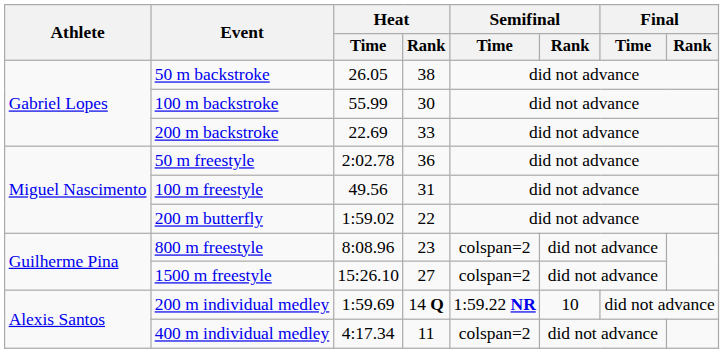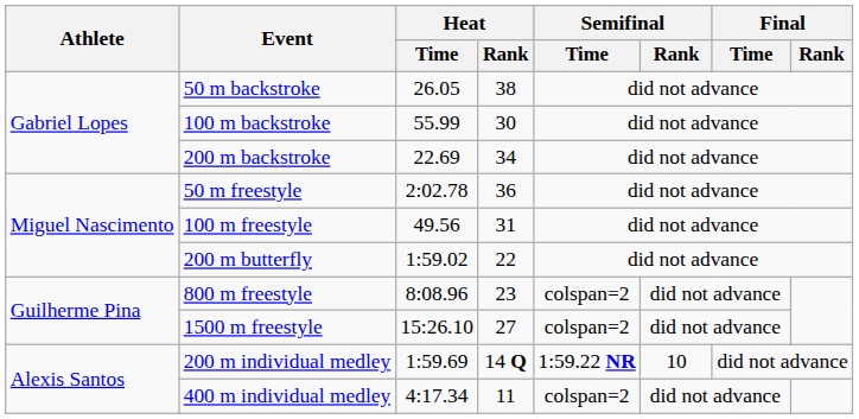 <table class=wikitable style="font-size:90%">
 <tr>
 <th rowspan="2">Athlete</th>
 <th rowspan="2">Event</th>
 <th colspan="2">Heat</th>
 <th colspan="2">Semifinal</th>
 <th colspan="2">Final</th>
 </tr>
 <tr style="font-size:95%">
 <th>Time</th>
 <th>Rank</th>
 <th>Time</th>
 <th>Rank</th>
 <th>Time</th>
 <th>Rank</th>
 </tr>
 <tr align=center>
 <td align=left rowspan=3><a href='#'>Gabriel Lopes</a></td>
 <td align=left><a href='#'>50 m backstroke</a></td>
 <td>26.05</td>
 <td>38</td>
 <td colspan=4>did not advance</td>
 </tr>
 <tr align=center>
 <td align=left><a href='#'>100 m backstroke</a></td>
 <td>55.99</td>
 <td>30</td>
 <td colspan=4>did not advance</td>
 </tr>
 <tr align=center>
 <td align=left><a href='#'>200 m backstroke</a></td>
 <td>22.69</td>
-<td>33</td>
+<td>34</td>
 <td colspan=4>did not advance</td>
 </tr>
 <tr align=center>
 <td align=left rowspan=3><a href='#'>Miguel Nascimento</a></td>
 <td align=left><a href='#'>50 m freestyle</a></td>
 <td>2:02.78</td>
 <td>36</td>
 <td colspan=4>did not advance</td>
 </tr>
 <tr align=center>
 <td align=left><a href='#'>100 m freestyle</a></td>
 <td>49.56</td>
 <td>31</td>
 <td colspan=4>did not advance</td>
 </tr>
 <tr align=center>
 <td align=left><a href='#'>200 m butterfly</a></td>
 <td>1:59.02</td>
 <td>22</td>
 <td colspan=4>did not advance</td>
 </tr>
 <tr align=center>
 <td align=left rowspan=2><a href='#'>Guilherme Pina</a></td>
 <td align=left><a href='#'>800 m freestyle</a></td>
 <td>8:08.96</td>
 <td>23</td>
 <td>colspan=2 </td>
 <td colspan=2>did not advance</td>
 </tr>
 <tr align=center>
 <td align=left><a href='#'>1500 m freestyle</a></td>
 <td>15:26.10</td>
 <td>27</td>
 <td>colspan=2 </td>
 <td colspan=2>did not advance</td>
 </tr>
 <tr align=center>
 <td align=left rowspan=2><a href='#'>Alexis Santos</a></td>
 <td align=left><a href='#'>200 m individual medley</a></td>
 <td>1:59.69</td>
 <td>14 <strong>Q</strong></td>
 <td>1:59.22 <strong><a href='#'>NR</a></strong></td>
 <td>10</td>
 <td colspan=2>did not advance</td>
 </tr>
 <tr align=center>
 <td align=left><a href='#'>400 m individual medley</a></td>
 <td>4:17.34</td>
 <td>11</td>
 <td>colspan=2 </td>
 <td colspan=2>did not advance</td>
 </tr>
 </table>
